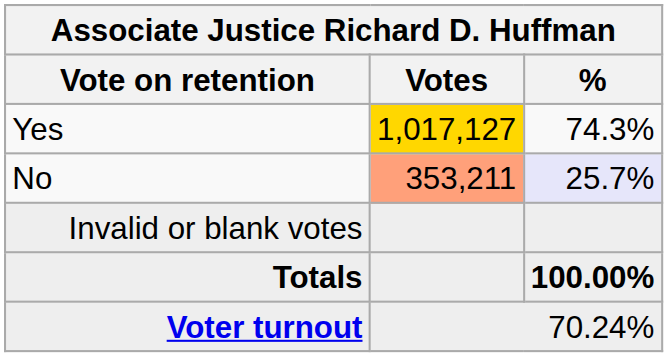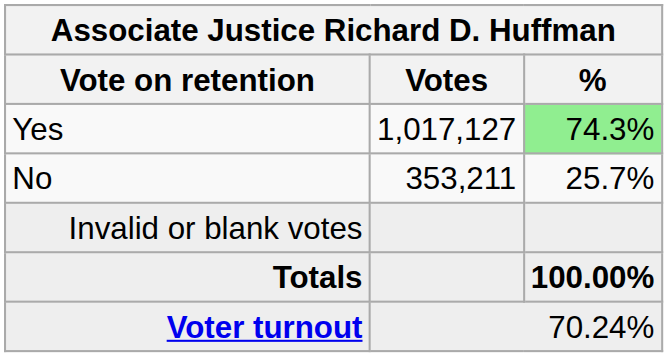 <table class="wikitable" style="font-size: 95%;">
 <tr style="background-color:#E9E9E9">
 <th colspan=7>Associate Justice Richard D. Huffman</th>
 </tr>
 <tr style="background-color:#E9E9E9">
 <th style="width: 170px">Vote on retention</th>
 <th style="width: 50px">Votes</th>
 <th style="width: 40px">%</th>
 </tr>
 <tr>
 <td>Yes</td>
-<td align="right" style="background: gold;">1,017,127</td>
-<td align="right">74.3%</td>
+<td align="right">1,017,127</td>
+<td align="right" style="background: lightgreen;">74.3%</td>
 </tr>
 <tr>
 <td>No</td>
-<td align="right" style="background: lightsalmon;">353,211</td>
-<td align="right" style="background: lavender;">25.7%</td>
+<td align="right">353,211</td>
+<td align="right">25.7%</td>
 </tr>
 <tr bgcolor="#EEEEEE">
 <td align="right">Invalid or blank votes</td>
 <td align="right"></td>
 <td align="right"></td>
 </tr>
 <tr bgcolor="#EEEEEE">
 <td align="right"><strong>Totals</strong></td>
 <td align="right"><strong></strong></td>
 <td align="right"><strong>100.00%</strong></td>
 </tr>
 <tr bgcolor="#EEEEEE">
 <td align="right"><strong><a href='#'>Voter turnout</a></strong></td>
 <td colspan="2" align="right">70.24%</td>
 </tr>
 </table>
